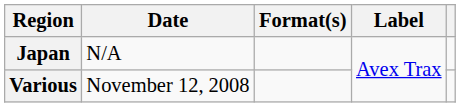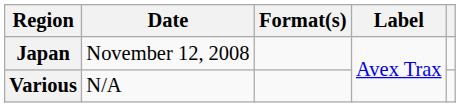 <table class="wikitable plainrowheaders">
 <tr>
 <th scope="col">Region</th>
 <th scope="col">Date</th>
 <th scope="col">Format(s)</th>
 <th scope="col">Label</th>
 <th scope="col"></th>
 </tr>
 <tr>
 <th scope="row">Japan</th>
-<td>N/A</td>
+<td>November 12, 2008</td>
 <td></td>
 <td rowspan="2"><a href='#'>Avex Trax</a></td>
 <td></td>
 </tr>
 <tr>
 <th scope="row">Various</th>
-<td>November 12, 2008</td>
+<td>N/A</td>
 <td></td>
 <td></td>
 </tr>
 </table>
